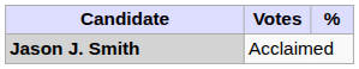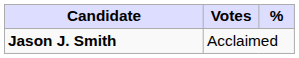 <table class="wikitable">
 <tr>
 <th style="background:#ddf; width:200px;">Candidate</th>
 <th style="background:#ddf; width:50px;">Votes</th>
 <th style="background:#ddf; width:30px;">%</th>
 </tr>
 <tr>
-<td style="background: lightgrey;"><strong>Jason J. Smith</strong></td>
+<td><strong>Jason J. Smith</strong></td>
 <td colspan="2">Acclaimed</td>
 </tr>
 </table>
